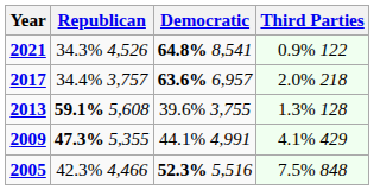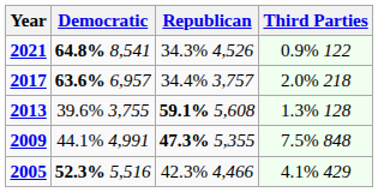 <table class="wikitable" style="float:right; font-size:95%;">
 <tr bgcolor=lightgrey>
 <th>Year</th>
+<th><a href='#'>Democratic</a></th>
 <th><a href='#'>Republican</a></th>
-<th><a href='#'>Democratic</a></th>
 <th><a href='#'>Third Parties</a></th>
 </tr>
 <tr>
 <td style="text-align:center; "><strong><a href='#'>2021</a></strong></td>
+<td style="text-align:center; "><strong>64.8%</strong> <em>8,541</em></td>
 <td style="text-align:center; ">34.3% <em>4,526</em></td>
-<td style="text-align:center; "><strong>64.8%</strong> <em>8,541</em></td>
 <td style="text-align:center; background:honeyDew;">0.9% <em>122</em></td>
 </tr>
 <tr>
 <td style="text-align:center; "><strong><a href='#'>2017</a></strong></td>
+<td style="text-align:center; "><strong>63.6%</strong> <em>6,957</em></td>
 <td style="text-align:center; ">34.4% <em>3,757</em></td>
-<td style="text-align:center; "><strong>63.6%</strong> <em>6,957</em></td>
 <td style="text-align:center; background:honeyDew;">2.0% <em>218</em></td>
 </tr>
 <tr>
 <td style="text-align:center; "><strong><a href='#'>2013</a></strong></td>
+<td style="text-align:center; ">39.6%  <em>3,755</em></td>
 <td style="text-align:center; "><strong>59.1%</strong> <em>5,608</em></td>
-<td style="text-align:center; ">39.6%  <em>3,755</em></td>
 <td style="text-align:center; background:honeyDew;">1.3% <em>128</em></td>
 </tr>
 <tr>
 <td style="text-align:center; "><strong><a href='#'>2009</a></strong></td>
+<td style="text-align:center; ">44.1%  <em>4,991</em></td>
 <td style="text-align:center; "><strong>47.3%</strong> <em>5,355</em></td>
-<td style="text-align:center; ">44.1%  <em>4,991</em></td>
-<td style="text-align:center; background:honeyDew;">4.1% <em>429</em></td>
+<td style="text-align:center; background:honeyDew;">7.5% <em>848</em></td>
 </tr>
 <tr>
 <td style="text-align:center; "><strong><a href='#'>2005</a></strong></td>
+<td style="text-align:center; "><strong>52.3%</strong> <em>5,516</em></td>
 <td style="text-align:center; ">42.3% <em>4,466</em></td>
-<td style="text-align:center; "><strong>52.3%</strong> <em>5,516</em></td>
-<td style="text-align:center; background:honeyDew;">7.5% <em>848</em></td>
+<td style="text-align:center; background:honeyDew;">4.1% <em>429</em></td>
 </tr>
 </table>
